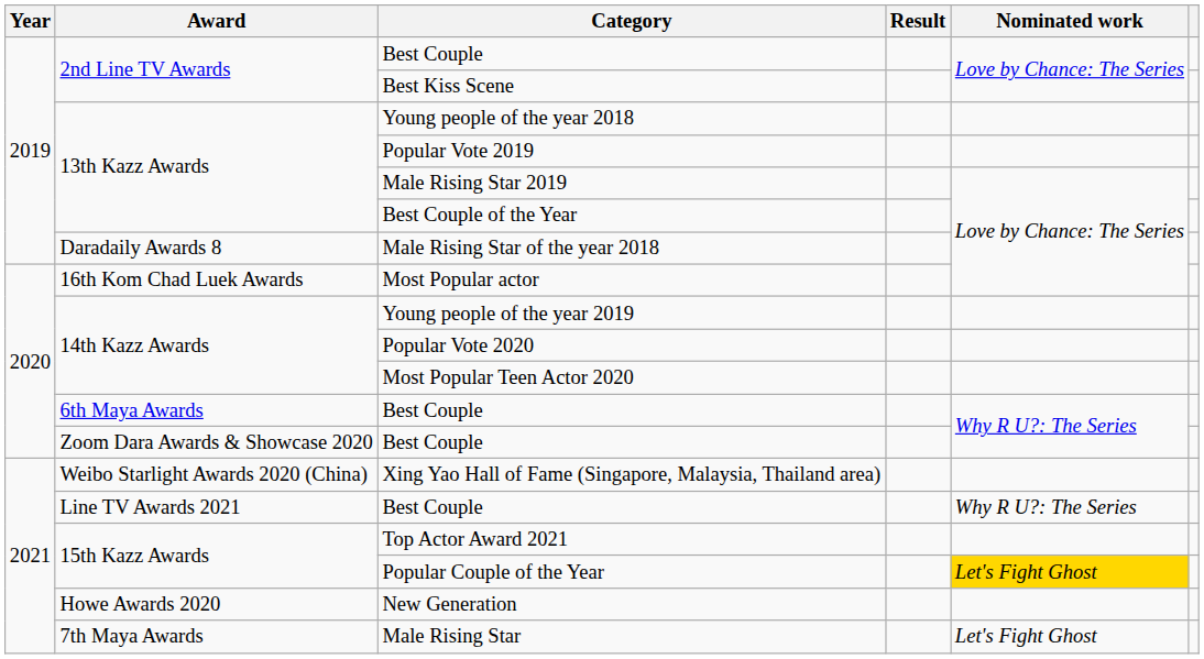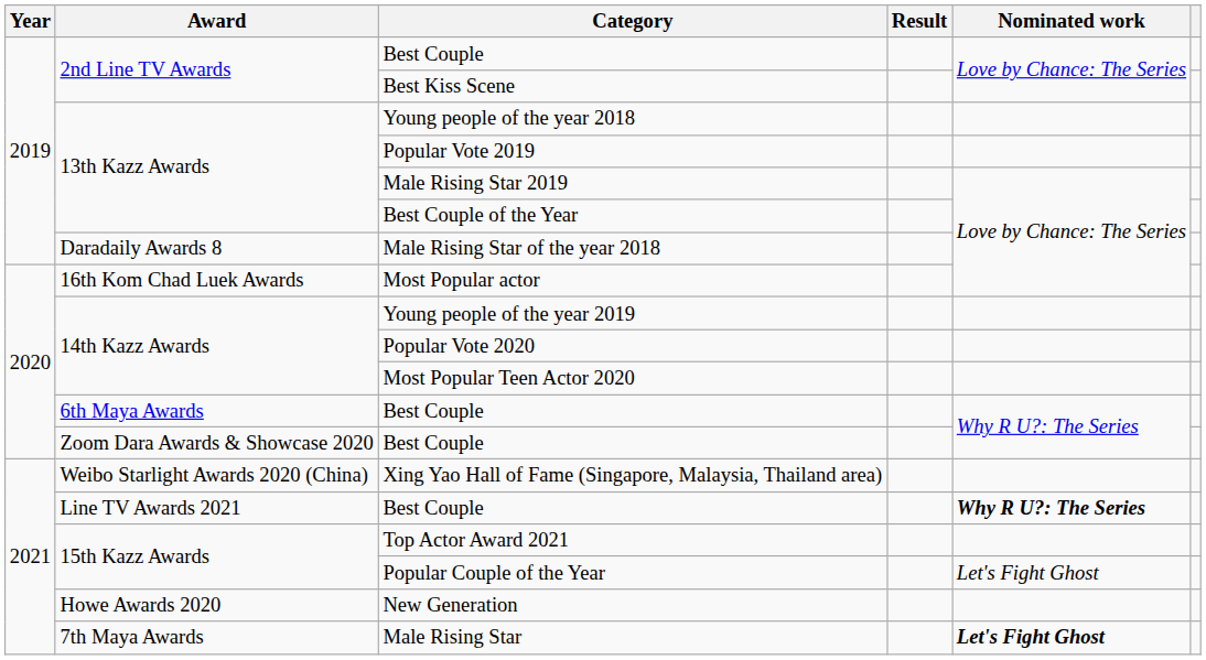 <table class="wikitable plainrowheaders sortable">
 <tr>
 <th scope="col">Year</th>
 <th scope="col">Award</th>
 <th scope="col">Category</th>
 <th scope="col">Result</th>
 <th scope="col">Nominated work</th>
 <th></th>
 </tr>
 <tr>
 <td rowspan="7" style="text-align: center;">2019</td>
 <td rowspan="2"><a href='#'>2nd Line TV Awards</a></td>
 <td>Best Couple  </td>
 <td></td>
 <td rowspan="2"><a href='#'><em>Love by Chance: The Series</em></a></td>
 <td></td>
 </tr>
 <tr>
 <td>Best Kiss Scene  </td>
 <td></td>
 <td></td>
 </tr>
 <tr>
 <td rowspan="4">13th Kazz Awards</td>
 <td>Young people of the year 2018</td>
 <td></td>
 <td></td>
 <td></td>
 </tr>
 <tr>
 <td>Popular Vote 2019</td>
 <td></td>
 <td></td>
 <td></td>
 </tr>
 <tr>
 <td>Male Rising Star 2019</td>
 <td></td>
 <td rowspan="4"><em>Love by Chance: The Series</em></td>
 <td></td>
 </tr>
 <tr>
 <td>Best Couple of the Year </td>
 <td></td>
 <td></td>
 </tr>
 <tr>
 <td>Daradaily Awards 8</td>
 <td>Male Rising Star of the year 2018</td>
 <td></td>
 <td></td>
 </tr>
 <tr>
 <td rowspan="6" style="text-align: center;">2020</td>
 <td>16th Kom Chad Luek Awards</td>
 <td>Most Popular actor</td>
 <td></td>
 <td></td>
 </tr>
 <tr>
 <td rowspan="3">14th Kazz Awards</td>
 <td>Young people of the year 2019</td>
 <td></td>
 <td></td>
 <td></td>
 </tr>
 <tr>
 <td>Popular Vote 2020</td>
 <td></td>
 <td></td>
 <td></td>
 </tr>
 <tr>
 <td>Most Popular Teen Actor 2020</td>
 <td></td>
 <td></td>
 <td></td>
 </tr>
 <tr>
 <td><a href='#'>6th Maya Awards</a></td>
 <td>Best Couple </td>
 <td></td>
 <td rowspan="2"><a href='#'><em>Why R U?: The Series</em></a></td>
 <td></td>
 </tr>
 <tr>
 <td>Zoom Dara Awards & Showcase 2020</td>
 <td>Best Couple </td>
 <td></td>
 <td></td>
 </tr>
 <tr>
 <td rowspan="6">2021</td>
 <td>Weibo Starlight Awards 2020 (China)</td>
 <td>Xing Yao Hall of Fame (Singapore, Malaysia, Thailand area)</td>
 <td></td>
 <td></td>
 <td></td>
 </tr>
 <tr>
 <td>Line TV Awards 2021</td>
 <td>Best Couple </td>
 <td></td>
-<td><em>Why R U?: The Series</em></td>
+<td><strong><em>Why R U?: The Series</em></strong></td>
 <td></td>
 </tr>
 <tr>
 <td rowspan="2">15th Kazz Awards</td>
 <td>Top Actor Award 2021</td>
 <td></td>
 <td></td>
 <td></td>
 </tr>
 <tr>
 <td>Popular Couple of the Year </td>
 <td></td>
-<td style="background: gold;"><em>Let's Fight Ghost</em></td>
+<td><em>Let's Fight Ghost</em></td>
 <td></td>
 </tr>
 <tr>
 <td>Howe Awards 2020</td>
 <td>New Generation</td>
 <td></td>
 <td></td>
 <td></td>
 </tr>
 <tr>
 <td>7th Maya Awards</td>
 <td>Male Rising Star</td>
 <td></td>
-<td><em>Let's Fight Ghost</em></td>
+<td><strong><em>Let's Fight Ghost</em></strong></td>
 <td></td>
 </tr>
 </table>
